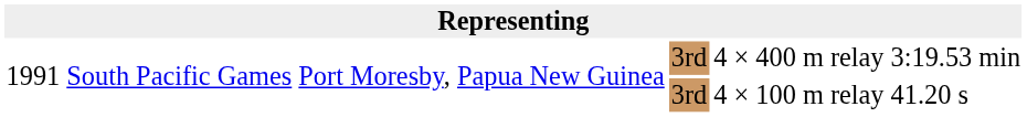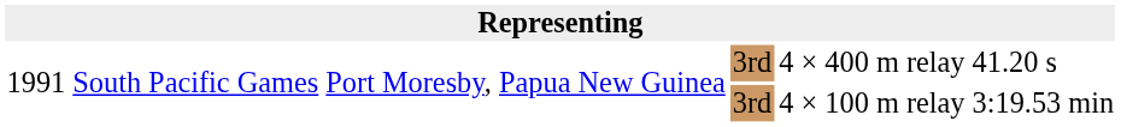 <table>
 <tr>
 <th bgcolor="#eeeeee" colspan="6">Representing </th>
 </tr>
 <tr>
 <td rowspan=2>1991</td>
 <td rowspan=2><a href='#'>South Pacific Games</a></td>
 <td rowspan=2><a href='#'>Port Moresby</a>, <a href='#'>Papua New Guinea</a></td>
 <td bgcolor=cc9966>3rd</td>
 <td>4 × 400 m relay</td>
-<td>3:19.53 min</td>
+<td>41.20 s</td>
 </tr>
 <tr>
 <td bgcolor=cc9966>3rd</td>
 <td>4 × 100 m relay</td>
-<td>41.20 s</td>
+<td>3:19.53 min</td>
 </tr>
 </table>
